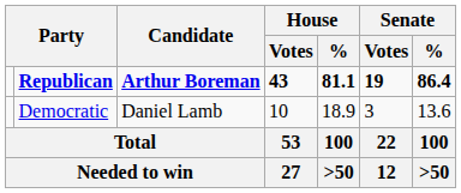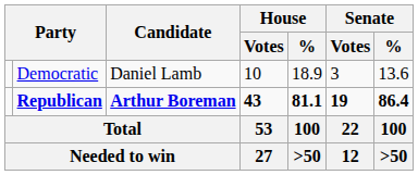 <table class="wikitable sortable">
 <tr>
 <th colspan="2" rowspan="2" class="unsortable">Party</th>
 <th rowspan="2" class="unsortable">Candidate</th>
 <th colspan="2">House</th>
 <th colspan="2">Senate</th>
 </tr>
 <tr>
 <th>Votes</th>
 <th>%</th>
 <th>Votes</th>
 <th>%</th>
 </tr>
 <tr>
 <td style="background-color:"></td>
+<td><a href='#'>Democratic</a></td>
+<td>Daniel Lamb</td>
+<td>10</td>
+<td>18.9</td>
+<td>3</td>
+<td>13.6</td>
+</tr>
+<tr>
+<td style="background-color:"></td>
 <td><a href='#'><strong>Republican</strong></a></td>
 <td><strong><a href='#'>Arthur Boreman</a></strong></td>
 <td><strong>43</strong></td>
 <td><strong>81.1</strong></td>
 <td><strong>19</strong></td>
 <td><strong>86.4</strong></td>
-</tr>
-<tr>
-<td style="background-color:"></td>
-<td><a href='#'>Democratic</a></td>
-<td>Daniel Lamb</td>
-<td>10</td>
-<td>18.9</td>
-<td>3</td>
-<td>13.6</td>
 </tr>
 <tr>
 <th colspan="3">Total</th>
 <th>53</th>
 <th>100</th>
 <th>22</th>
 <th>100</th>
 </tr>
 <tr>
 <th colspan="3">Needed to win</th>
 <th>27</th>
 <th>>50</th>
 <th>12</th>
 <th>>50</th>
 </tr>
 </table>
